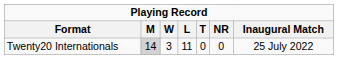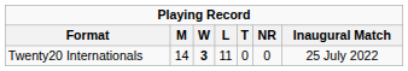 <table class="wikitable" style="text-align: center; width: 500px;">
 <tr>
 <td colspan=7 align="center"><strong>Playing Record</strong></td>
 </tr>
 <tr>
 <th>Format</th>
 <th>M</th>
 <th>W</th>
 <th>L</th>
 <th>T</th>
 <th>NR</th>
 <th>Inaugural Match</th>
 </tr>
 <tr>
 <td align="left">Twenty20 Internationals</td>
-<td style="background: lightgrey;">14</td>
-<td>3</td>
+<td>14</td>
+<td><strong>3</strong></td>
 <td>11</td>
 <td>0</td>
 <td>0</td>
 <td>25 July 2022</td>
 </tr>
 </table>
